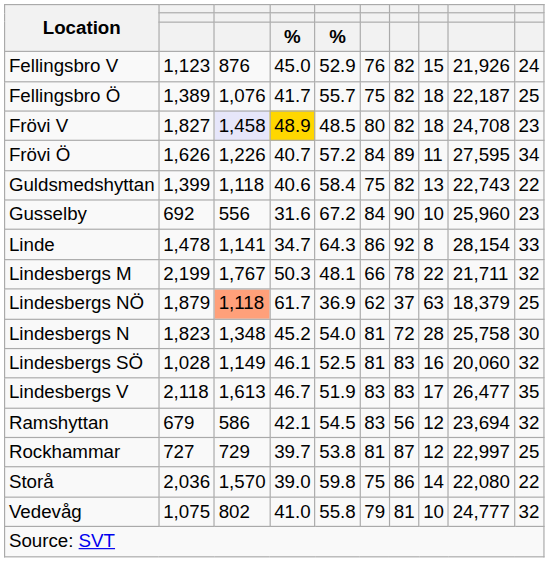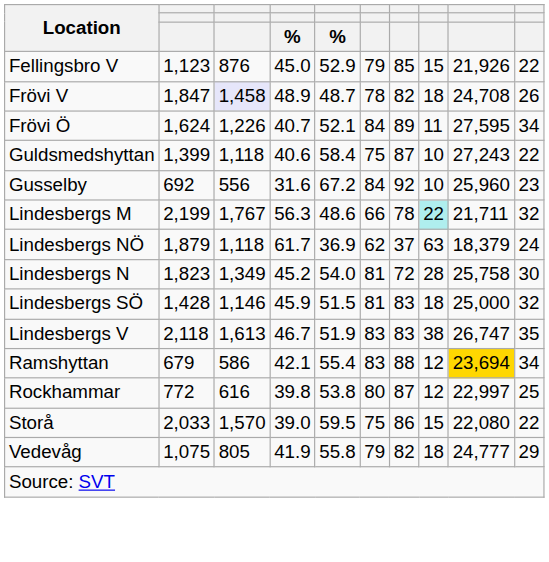 <table role="presentation" class="wikitable sortable mw-collapsible">
 <tr>
 <th rowspan="3">Location</th>
 <th></th>
 <th></th>
 <th></th>
 <th></th>
 <th></th>
 <th></th>
 <th></th>
 <th></th>
 <th></th>
 </tr>
 <tr>
 <th></th>
 <th></th>
 <th style="background:"></th>
 <th style="background:"></th>
 <th></th>
 <th></th>
 <th></th>
 <th></th>
 <th></th>
 </tr>
 <tr>
 <th data-sort-type="number"></th>
 <th data-sort-type="number"></th>
 <th data-sort-type="number">%</th>
 <th data-sort-type="number">%</th>
 <th data-sort-type="number"></th>
 <th data-sort-type="number"></th>
 <th data-sort-type="number"></th>
 <th data-sort-type="number"></th>
 <th data-sort-type="number"></th>
 </tr>
 <tr>
 <td align="left">Fellingsbro V</td>
 <td>1,123</td>
 <td>876</td>
 <td>45.0</td>
 <td>52.9</td>
-<td>76</td>
-<td>82</td>
+<td>79</td>
+<td>85</td>
 <td>15</td>
 <td>21,926</td>
-<td>24</td>
-</tr>
-<tr>
-<td align="left">Fellingsbro Ö</td>
-<td>1,389</td>
-<td>1,076</td>
-<td>41.7</td>
-<td>55.7</td>
-<td>75</td>
-<td>82</td>
-<td>18</td>
-<td>22,187</td>
-<td>25</td>
+<td>22</td>
 </tr>
 <tr>
 <td align="left">Frövi V</td>
-<td>1,827</td>
+<td>1,847</td>
 <td style="background: lavender;">1,458</td>
-<td style="background: gold;">48.9</td>
-<td>48.5</td>
-<td>80</td>
+<td>48.9</td>
+<td>48.7</td>
+<td>78</td>
 <td>82</td>
 <td>18</td>
 <td>24,708</td>
-<td>23</td>
+<td>26</td>
 </tr>
 <tr>
 <td align="left">Frövi Ö</td>
-<td>1,626</td>
+<td>1,624</td>
 <td>1,226</td>
 <td>40.7</td>
-<td>57.2</td>
+<td>52.1</td>
 <td>84</td>
 <td>89</td>
 <td>11</td>
 <td>27,595</td>
 <td>34</td>
 </tr>
 <tr>
 <td align="left">Guldsmedshyttan</td>
 <td>1,399</td>
 <td>1,118</td>
 <td>40.6</td>
 <td>58.4</td>
 <td>75</td>
-<td>82</td>
-<td>13</td>
-<td>22,743</td>
+<td>87</td>
+<td>10</td>
+<td>27,243</td>
 <td>22</td>
 </tr>
 <tr>
 <td align="left">Gusselby</td>
 <td>692</td>
 <td>556</td>
 <td>31.6</td>
 <td>67.2</td>
 <td>84</td>
-<td>90</td>
+<td>92</td>
 <td>10</td>
 <td>25,960</td>
 <td>23</td>
 </tr>
 <tr>
-<td align="left">Linde</td>
-<td>1,478</td>
-<td>1,141</td>
-<td>34.7</td>
-<td>64.3</td>
-<td>86</td>
-<td>92</td>
-<td>8</td>
-<td>28,154</td>
-<td>33</td>
-</tr>
-<tr>
 <td align="left">Lindesbergs M</td>
 <td>2,199</td>
 <td>1,767</td>
-<td>50.3</td>
-<td>48.1</td>
+<td>56.3</td>
+<td>48.6</td>
 <td>66</td>
 <td>78</td>
-<td>22</td>
+<td style="background: paleturquoise;">22</td>
 <td>21,711</td>
 <td>32</td>
 </tr>
 <tr>
 <td align="left">Lindesbergs NÖ</td>
 <td>1,879</td>
-<td style="background: lightsalmon;">1,118</td>
+<td>1,118</td>
 <td>61.7</td>
 <td>36.9</td>
 <td>62</td>
 <td>37</td>
 <td>63</td>
 <td>18,379</td>
-<td>25</td>
+<td>24</td>
 </tr>
 <tr>
 <td align="left">Lindesbergs N</td>
 <td>1,823</td>
-<td>1,348</td>
+<td>1,349</td>
 <td>45.2</td>
 <td>54.0</td>
 <td>81</td>
 <td>72</td>
 <td>28</td>
 <td>25,758</td>
 <td>30</td>
 </tr>
 <tr>
 <td align="left">Lindesbergs SÖ</td>
-<td>1,028</td>
-<td>1,149</td>
-<td>46.1</td>
-<td>52.5</td>
+<td>1,428</td>
+<td>1,146</td>
+<td>45.9</td>
+<td>51.5</td>
 <td>81</td>
 <td>83</td>
-<td>16</td>
-<td>20,060</td>
+<td>18</td>
+<td>25,000</td>
 <td>32</td>
 </tr>
 <tr>
 <td align="left">Lindesbergs V</td>
 <td>2,118</td>
 <td>1,613</td>
 <td>46.7</td>
 <td>51.9</td>
 <td>83</td>
 <td>83</td>
-<td>17</td>
-<td>26,477</td>
+<td>38</td>
+<td>26,747</td>
 <td>35</td>
 </tr>
 <tr>
 <td align="left">Ramshyttan</td>
 <td>679</td>
 <td>586</td>
 <td>42.1</td>
-<td>54.5</td>
+<td>55.4</td>
 <td>83</td>
-<td>56</td>
+<td>88</td>
 <td>12</td>
-<td>23,694</td>
-<td>32</td>
+<td style="background: gold;">23,694</td>
+<td>34</td>
 </tr>
 <tr>
 <td align="left">Rockhammar</td>
-<td>727</td>
-<td>729</td>
-<td>39.7</td>
+<td>772</td>
+<td>616</td>
+<td>39.8</td>
 <td>53.8</td>
-<td>81</td>
+<td>80</td>
 <td>87</td>
 <td>12</td>
 <td>22,997</td>
 <td>25</td>
 </tr>
 <tr>
 <td align="left">Storå</td>
-<td>2,036</td>
+<td>2,033</td>
 <td>1,570</td>
 <td>39.0</td>
-<td>59.8</td>
+<td>59.5</td>
 <td>75</td>
 <td>86</td>
-<td>14</td>
+<td>15</td>
 <td>22,080</td>
 <td>22</td>
 </tr>
 <tr>
 <td align="left">Vedevåg</td>
 <td>1,075</td>
-<td>802</td>
-<td>41.0</td>
+<td>805</td>
+<td>41.9</td>
 <td>55.8</td>
 <td>79</td>
-<td>81</td>
-<td>10</td>
+<td>82</td>
+<td>18</td>
 <td>24,777</td>
-<td>32</td>
+<td>29</td>
 </tr>
 <tr>
 <td colspan="10" align="left">Source: <a href='#'>SVT</a></td>
 </tr>
 </table>
